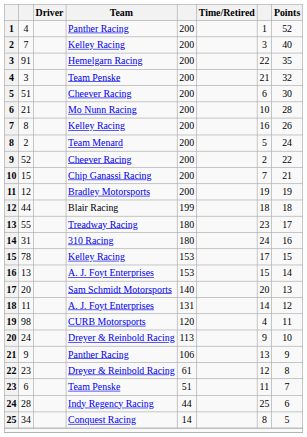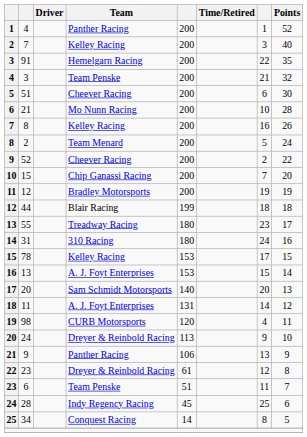 <table class="wikitable sortable" style="font-size: 95%;">
 <tr>
 <th scope="col"></th>
 <th scope="col"></th>
 <th scope="col">Driver</th>
 <th scope="col">Team</th>
 <th scope="col"></th>
 <th scope="col">Time/Retired</th>
 <th scope="col"></th>
 <th scope="col">Points</th>
 </tr>
 <tr>
 <th scope="row">1</th>
 <td align="center">4</td>
 <td data-sort-value="HOR"></td>
 <td><a href='#'>Panther Racing</a></td>
 <td align="center">200</td>
 <td align="center"></td>
 <td align="center">1</td>
 <td align="center">52</td>
 </tr>
 <tr>
 <th scope="row">2</th>
 <td align="center">7</td>
 <td data-sort-value="UNS"></td>
 <td><a href='#'>Kelley Racing</a></td>
 <td align="center">200</td>
 <td align="center"></td>
 <td align="center">3</td>
 <td align="center">40</td>
 </tr>
 <tr>
 <th scope="row">3</th>
 <td align="center">91</td>
 <td data-sort-value="LAZ"></td>
 <td><a href='#'>Hemelgarn Racing</a></td>
 <td align="center">200</td>
 <td align="center"></td>
 <td align="center">22</td>
 <td align="center">35</td>
 </tr>
 <tr>
 <th scope="row">4</th>
 <td align="center">3</td>
 <td data-sort-value="CAS"></td>
 <td><a href='#'>Team Penske</a></td>
 <td align="center">200</td>
 <td align="center"></td>
 <td align="center">21</td>
 <td align="center">32</td>
 </tr>
 <tr>
 <th scope="row">5</th>
 <td align="center">51</td>
 <td data-sort-value="CHE"></td>
 <td><a href='#'>Cheever Racing</a></td>
 <td align="center">200</td>
 <td align="center"></td>
 <td align="center">6</td>
 <td align="center">30</td>
 </tr>
 <tr>
 <th scope="row">6</th>
 <td align="center">21</td>
 <td data-sort-value="GIA"></td>
 <td><a href='#'>Mo Nunn Racing</a></td>
 <td align="center">200</td>
 <td align="center"></td>
 <td align="center">10</td>
 <td align="center">28</td>
 </tr>
 <tr>
 <th scope="row">7</th>
 <td align="center">8</td>
 <td data-sort-value="SHA"></td>
 <td><a href='#'>Kelley Racing</a></td>
 <td align="center">200</td>
 <td align="center"></td>
 <td align="center">16</td>
 <td align="center">26</td>
 </tr>
 <tr>
 <th scope="row">8</th>
 <td align="center">2</td>
 <td data-sort-value="MEI"></td>
 <td><a href='#'>Team Menard</a></td>
 <td align="center">200</td>
 <td align="center"></td>
 <td align="center">5</td>
 <td align="center">24</td>
 </tr>
 <tr>
 <th scope="row">9</th>
 <td align="center">52</td>
 <td data-sort-value="RIC"></td>
 <td><a href='#'>Cheever Racing</a></td>
 <td align="center">200</td>
 <td align="center"></td>
 <td align="center">2</td>
 <td align="center">22</td>
 </tr>
 <tr>
 <th scope="row">10</th>
 <td align="center">15</td>
 <td data-sort-value="WHE"></td>
 <td><a href='#'>Chip Ganassi Racing</a></td>
 <td align="center">200</td>
 <td align="center"></td>
 <td align="center">7</td>
-<td align="center">21</td>
+<td align="center">20</td>
 </tr>
 <tr>
 <th scope="row">11</th>
 <td align="center">12</td>
 <td data-sort-value="BOE"></td>
 <td><a href='#'>Bradley Motorsports</a></td>
 <td align="center">200</td>
 <td align="center"></td>
 <td align="center">19</td>
 <td align="center">19</td>
 </tr>
 <tr>
 <th scope="row">12</th>
 <td align="center">44</td>
 <td data-sort-value="BAR"></td>
 <td>Blair Racing</td>
 <td align="center">199</td>
 <td align="center"></td>
 <td align="center">18</td>
 <td align="center">18</td>
 </tr>
 <tr>
 <th scope="row">13</th>
 <td align="center">55</td>
 <td data-sort-value="LAN"></td>
 <td><a href='#'>Treadway Racing</a></td>
 <td align="center">180</td>
 <td align="center"></td>
 <td align="center">23</td>
 <td align="center">17</td>
 </tr>
 <tr>
 <th scope="row">14</th>
 <td align="center">31</td>
 <td data-sort-value="MAC"></td>
 <td><a href='#'>310 Racing</a></td>
 <td align="center">180</td>
 <td align="center"></td>
 <td align="center">24</td>
 <td align="center">16</td>
 </tr>
 <tr>
 <th scope="row">15</th>
 <td align="center">78</td>
 <td data-sort-value="REN"></td>
 <td><a href='#'>Kelley Racing</a></td>
 <td align="center">153</td>
 <td align="center"></td>
 <td align="center">17</td>
 <td align="center">15</td>
 </tr>
 <tr>
 <th scope="row">16</th>
 <td align="center">13</td>
 <td data-sort-value="DAR"></td>
 <td><a href='#'>A. J. Foyt Enterprises</a></td>
 <td align="center">153</td>
 <td align="center"></td>
 <td align="center">15</td>
 <td align="center">14</td>
 </tr>
 <tr>
 <th scope="row">17</th>
 <td align="center">20</td>
 <td data-sort-value="RAY"></td>
 <td><a href='#'>Sam Schmidt Motorsports</a></td>
 <td align="center">140</td>
 <td align="center"></td>
 <td align="center">20</td>
 <td align="center">13</td>
 </tr>
 <tr>
 <th scope="row">18</th>
 <td align="center">11</td>
 <td data-sort-value="SAL"></td>
 <td><a href='#'>A. J. Foyt Enterprises</a></td>
 <td align="center">131</td>
 <td align="center"></td>
 <td align="center">14</td>
 <td align="center">12</td>
 </tr>
 <tr>
 <th scope="row">19</th>
 <td align="center">98</td>
 <td data-sort-value="BOA"></td>
 <td><a href='#'>CURB Motorsports</a></td>
 <td align="center">120</td>
 <td align="center"></td>
 <td align="center">4</td>
 <td align="center">11</td>
 </tr>
 <tr>
 <th scope="row">20</th>
 <td align="center">24</td>
 <td data-sort-value="BUH"></td>
 <td><a href='#'>Dreyer & Reinbold Racing</a></td>
 <td align="center">113</td>
 <td align="center"></td>
 <td align="center">9</td>
 <td align="center">10</td>
 </tr>
 <tr>
 <th scope="row">21</th>
 <td align="center">9</td>
 <td data-sort-value="WAR"></td>
 <td><a href='#'>Panther Racing</a></td>
 <td align="center">106</td>
 <td align="center"></td>
 <td align="center">13</td>
 <td align="center">9</td>
 </tr>
 <tr>
 <th scope="row">22</th>
 <td align="center">23</td>
 <td data-sort-value="FIS"></td>
 <td><a href='#'>Dreyer & Reinbold Racing</a></td>
 <td align="center">61</td>
 <td align="center"></td>
 <td align="center">12</td>
 <td align="center">8</td>
 </tr>
 <tr>
 <th scope="row">23</th>
 <td align="center">6</td>
 <td data-sort-value="DEF"></td>
 <td><a href='#'>Team Penske</a></td>
 <td align="center">51</td>
 <td align="center"></td>
 <td align="center">11</td>
 <td align="center">7</td>
 </tr>
 <tr>
 <th scope="row">24</th>
 <td align="center">28</td>
 <td data-sort-value="NOD"></td>
 <td><a href='#'>Indy Regency Racing</a></td>
-<td align="center">44</td>
+<td align="center">45</td>
 <td align="center"></td>
 <td align="center">25</td>
 <td align="center">6</td>
 </tr>
 <tr>
 <th scope="row">25</th>
 <td align="center">34</td>
 <td data-sort-value="RED"></td>
 <td><a href='#'>Conquest Racing</a></td>
 <td align="center">14</td>
 <td align="center"></td>
 <td align="center">8</td>
 <td align="center">5</td>
 </tr>
 <tr>
 </tr>
 <tr class="sortbottom">
 <td colspan="8"></td>
 </tr>
 <tr>
 </tr>
 </table>
